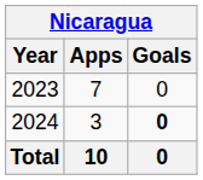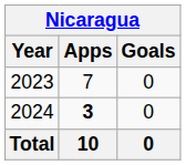 <table class=wikitable style=text-align:center>
 <tr>
 <th colspan=4><a href='#'>Nicaragua</a></th>
 </tr>
 <tr>
 <th>Year</th>
 <th>Apps</th>
 <th>Goals</th>
 </tr>
 <tr>
 <td>2023</td>
 <td>7</td>
 <td>0</td>
 </tr>
 <tr>
 <td>2024</td>
-<td>3</td>
-<td><strong>0</strong></td>
+<td><strong>3</strong></td>
+<td>0</td>
 </tr>
 <tr>
 <th colspan=1>Total</th>
 <th>10</th>
 <th>0</th>
 </tr>
 </table>
